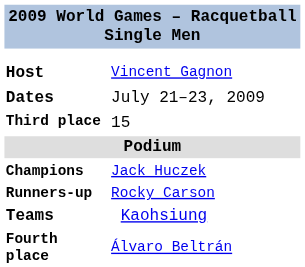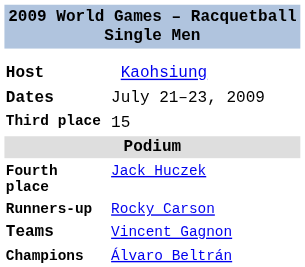 <table class="toccolours" style="float: right; margin: 0 0 1em 1em; font-size: 90%;" width=220px>
 <tr>
 <td colspan="2" style="background: #B0C4DE; text-align: center;" height=30px><strong>2009 World Games –  Racquetball Single Men</strong></td>
 </tr>
 <tr>
 <td colspan="2" style="text-align: center;"></td>
 </tr>
 <tr style="vertical-align:top;">
 <td colspan=2></td>
 </tr>
 <tr style="vertical-align:top;">
 <td><strong>Host</strong></td>
-<td style=font-size:90% width=250> <a href='#'>Vincent Gagnon</a></td>
+<td> <a href='#'>Kaohsiung</a></td>
 </tr>
 <tr style="vertical-align:top;">
 <td><strong>Dates</strong></td>
 <td>July 21–23, 2009</td>
 </tr>
 <tr style="vertical-align:top;">
 <td style=font-size:90% width=100> <strong>Third place</strong></td>
 <td>15</td>
 </tr>
 <tr>
 <td colspan="2" style="background: #dedede; text-align: center;"><strong>Podium</strong></td>
 </tr>
 <tr style="vertical-align:top;">
-<td style=font-size:90% width=100> <strong>Champions</strong></td>
+<td style=font-size:90% width=100><strong>Fourth place</strong></td>
 <td style=font-size:90% width=250> <a href='#'>Jack Huczek</a></td>
 </tr>
 <tr>
 <td style=font-size:90% width=100> <strong>Runners-up</strong></td>
 <td style=font-size:90% width=250> <a href='#'>Rocky Carson</a></td>
 </tr>
 <tr>
 <td width=90><strong>Teams</strong></td>
-<td> <a href='#'>Kaohsiung</a></td>
+<td style=font-size:90% width=250> <a href='#'>Vincent Gagnon</a></td>
 </tr>
 <tr>
-<td style=font-size:90% width=100><strong>Fourth place</strong></td>
+<td style=font-size:90% width=100> <strong>Champions</strong></td>
 <td style=font-size:90% width=250> <a href='#'>Álvaro Beltrán</a></td>
 </tr>
 </table>
